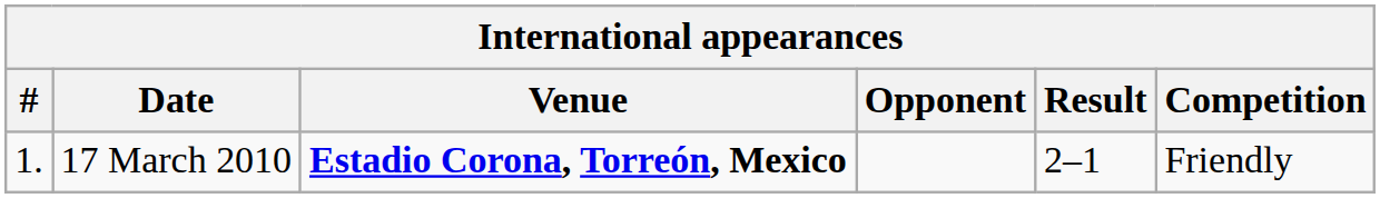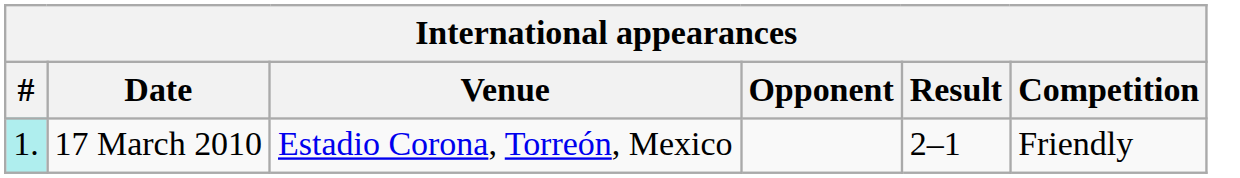 <table class="wikitable collapsible collapsed" style="font-size:90%">
 <tr>
 <th colspan="7"><strong>International appearances</strong></th>
 </tr>
 <tr>
 <th>#</th>
 <th>Date</th>
 <th>Venue</th>
 <th>Opponent</th>
 <th>Result</th>
 <th>Competition</th>
 </tr>
 <tr>
-<td>1.</td>
+<td style="background: paleturquoise;">1.</td>
 <td>17 March 2010</td>
-<td><strong><a href='#'>Estadio Corona</a>, <a href='#'>Torreón</a>, Mexico</strong></td>
+<td><a href='#'>Estadio Corona</a>, <a href='#'>Torreón</a>, Mexico</td>
 <td></td>
 <td>2–1</td>
 <td>Friendly</td>
 </tr>
 </table>
